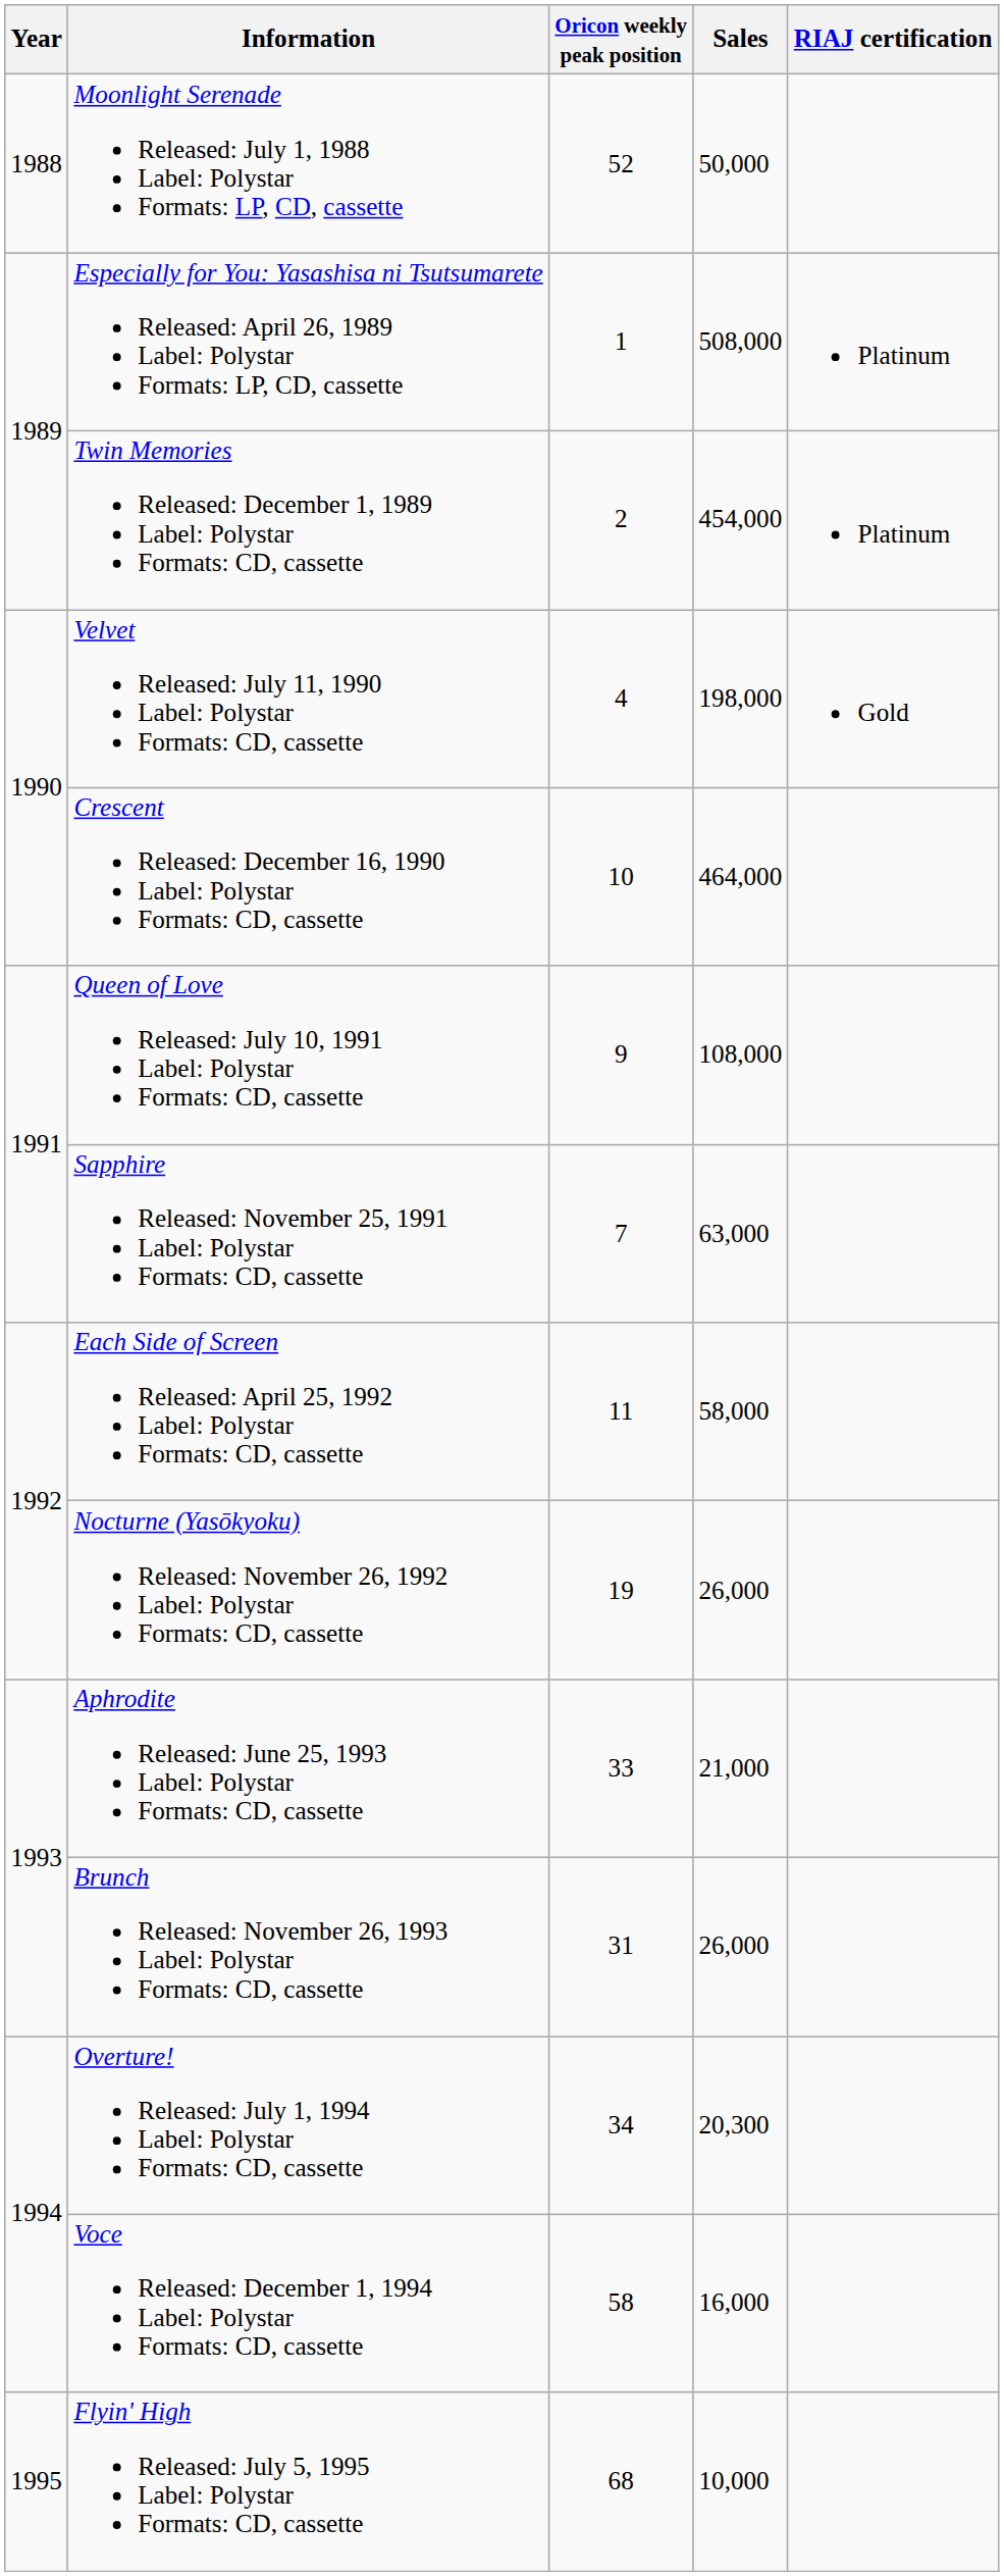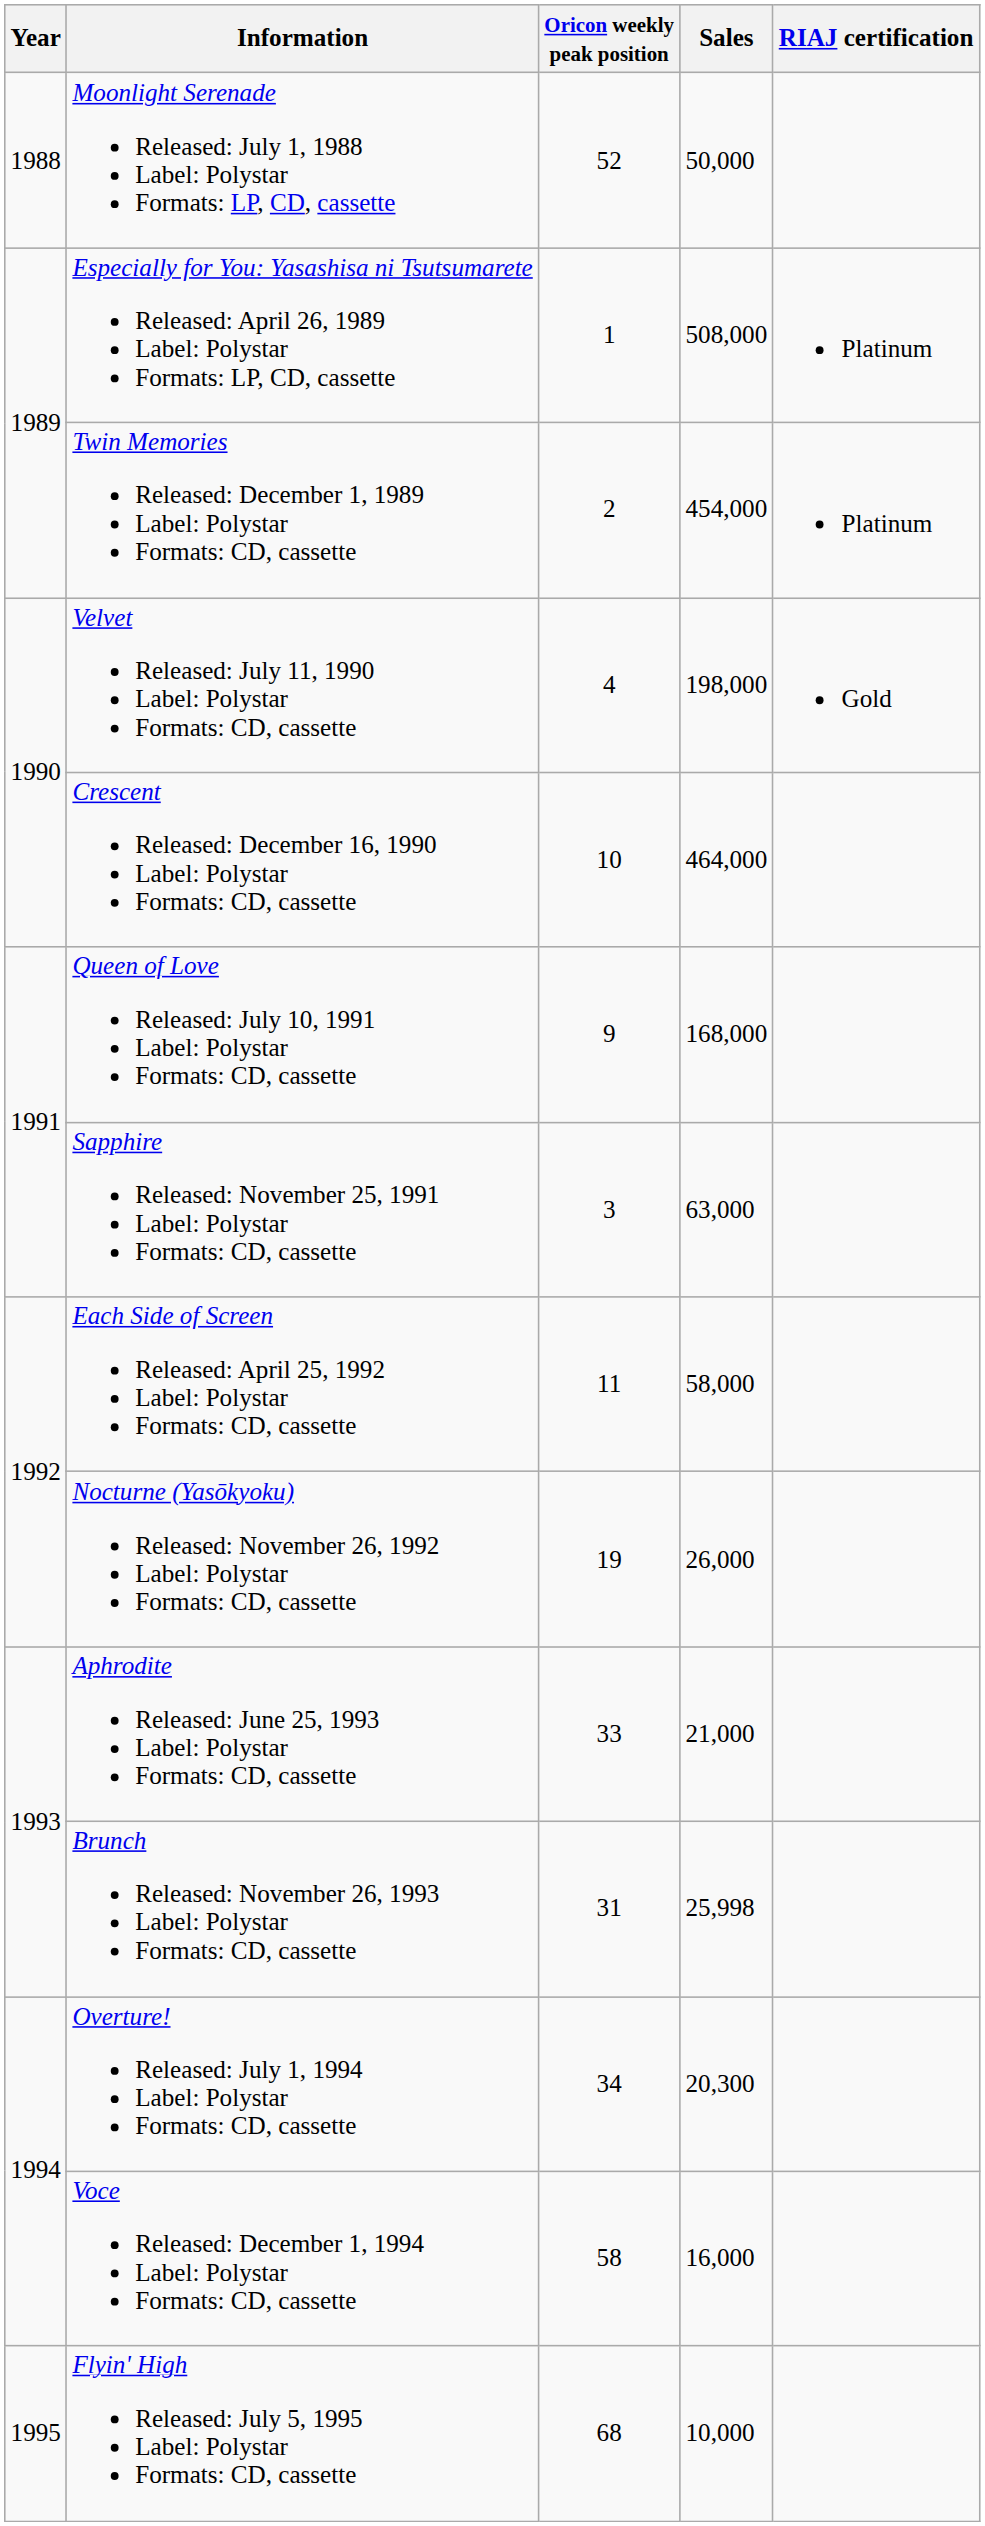 <table class="wikitable">
 <tr>
 <th>Year</th>
 <th>Information</th>
 <th><small><a href='#'>Oricon</a> weekly<br>peak position</small></th>
 <th>Sales<br></th>
 <th><a href='#'>RIAJ</a> certification</th>
 </tr>
 <tr>
 <td>1988</td>
 <td><em><a href='#'>Moonlight Serenade</a></em><br><ul><li>Released: July 1, 1988</li><li>Label: Polystar</li><li>Formats: <a href='#'>LP</a>, <a href='#'>CD</a>, <a href='#'>cassette</a></li></ul></td>
 <td style="text-align:center;">52</td>
 <td align="left">50,000</td>
 <td align="left"></td>
 </tr>
 <tr>
 <td rowspan="2">1989</td>
 <td><em><a href='#'>Especially for You: Yasashisa ni Tsutsumarete</a></em><br><ul><li>Released: April 26, 1989</li><li>Label: Polystar</li><li>Formats: LP, CD, cassette</li></ul></td>
 <td style="text-align:center;">1</td>
 <td align="left">508,000</td>
 <td align="left"><br><ul><li>Platinum</li></ul></td>
 </tr>
 <tr>
 <td><em><a href='#'>Twin Memories</a></em><br><ul><li>Released: December 1, 1989</li><li>Label: Polystar</li><li>Formats: CD, cassette</li></ul></td>
 <td style="text-align:center;">2</td>
 <td align="left">454,000</td>
 <td align="left"><br><ul><li>Platinum</li></ul></td>
 </tr>
 <tr>
 <td rowspan="2">1990</td>
 <td><em><a href='#'>Velvet</a></em><br><ul><li>Released: July 11, 1990</li><li>Label: Polystar</li><li>Formats: CD, cassette</li></ul></td>
 <td style="text-align:center;">4</td>
 <td align="left">198,000</td>
 <td align="left"><br><ul><li>Gold</li></ul></td>
 </tr>
 <tr>
 <td><em><a href='#'>Crescent</a></em><br><ul><li>Released: December 16, 1990</li><li>Label: Polystar</li><li>Formats: CD, cassette</li></ul></td>
 <td style="text-align:center;">10</td>
 <td align="left">464,000</td>
 <td align="left"></td>
 </tr>
 <tr>
 <td rowspan="2">1991</td>
 <td><em><a href='#'>Queen of Love</a></em><br><ul><li>Released: July 10, 1991</li><li>Label: Polystar</li><li>Formats: CD, cassette</li></ul></td>
 <td style="text-align:center;">9</td>
-<td align="left">108,000</td>
+<td align="left">168,000</td>
 <td align="left"></td>
 </tr>
 <tr>
 <td><em><a href='#'>Sapphire</a></em><br><ul><li>Released: November 25, 1991</li><li>Label: Polystar</li><li>Formats: CD, cassette</li></ul></td>
-<td style="text-align:center;">7</td>
+<td style="text-align:center;">3</td>
 <td align="left">63,000</td>
 <td align="left"></td>
 </tr>
 <tr>
 <td rowspan="2">1992</td>
 <td><em><a href='#'>Each Side of Screen</a></em><br><ul><li>Released: April 25, 1992</li><li>Label: Polystar</li><li>Formats: CD, cassette</li></ul></td>
 <td style="text-align:center;">11</td>
 <td align="left">58,000</td>
 <td align="left"></td>
 </tr>
 <tr>
 <td><em><a href='#'>Nocturne (Yasōkyoku)</a></em><br><ul><li>Released: November 26, 1992</li><li>Label: Polystar</li><li>Formats: CD, cassette</li></ul></td>
 <td style="text-align:center;">19</td>
 <td align="left">26,000</td>
 <td align="left"></td>
 </tr>
 <tr>
 <td rowspan="2">1993</td>
 <td><em><a href='#'>Aphrodite</a></em><br><ul><li>Released: June 25, 1993</li><li>Label: Polystar</li><li>Formats: CD, cassette</li></ul></td>
 <td style="text-align:center;">33</td>
 <td align="left">21,000</td>
 <td align="left"></td>
 </tr>
 <tr>
 <td><em><a href='#'>Brunch</a></em><br><ul><li>Released: November 26, 1993</li><li>Label: Polystar</li><li>Formats: CD, cassette</li></ul></td>
 <td style="text-align:center;">31</td>
-<td align="left">26,000</td>
+<td align="left">25,998</td>
 <td align="left"></td>
 </tr>
 <tr>
 <td rowspan="2">1994</td>
 <td><em><a href='#'>Overture!</a></em><br><ul><li>Released: July 1, 1994</li><li>Label: Polystar</li><li>Formats: CD, cassette</li></ul></td>
 <td style="text-align:center;">34</td>
 <td align="left">20,300</td>
 <td align="left"></td>
 </tr>
 <tr>
 <td><em><a href='#'>Voce</a></em><br><ul><li>Released: December 1, 1994</li><li>Label: Polystar</li><li>Formats: CD, cassette</li></ul></td>
 <td style="text-align:center;">58</td>
 <td align="left">16,000</td>
 <td align="left"></td>
 </tr>
 <tr>
 <td>1995</td>
 <td><em><a href='#'>Flyin' High</a></em><br><ul><li>Released: July 5, 1995</li><li>Label: Polystar</li><li>Formats: CD, cassette</li></ul></td>
 <td style="text-align:center;">68</td>
 <td align="left">10,000</td>
 <td align="left"></td>
 </tr>
 </table>
